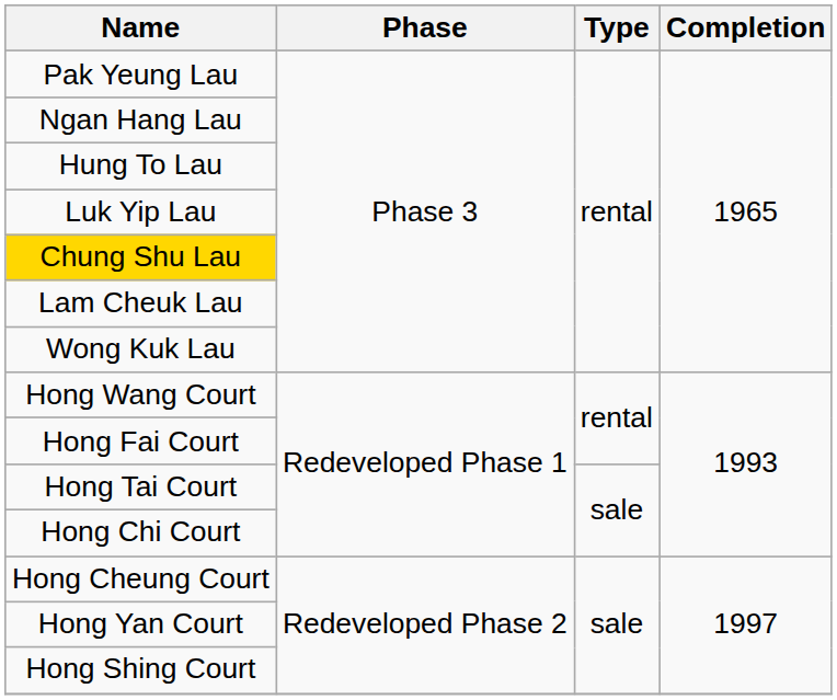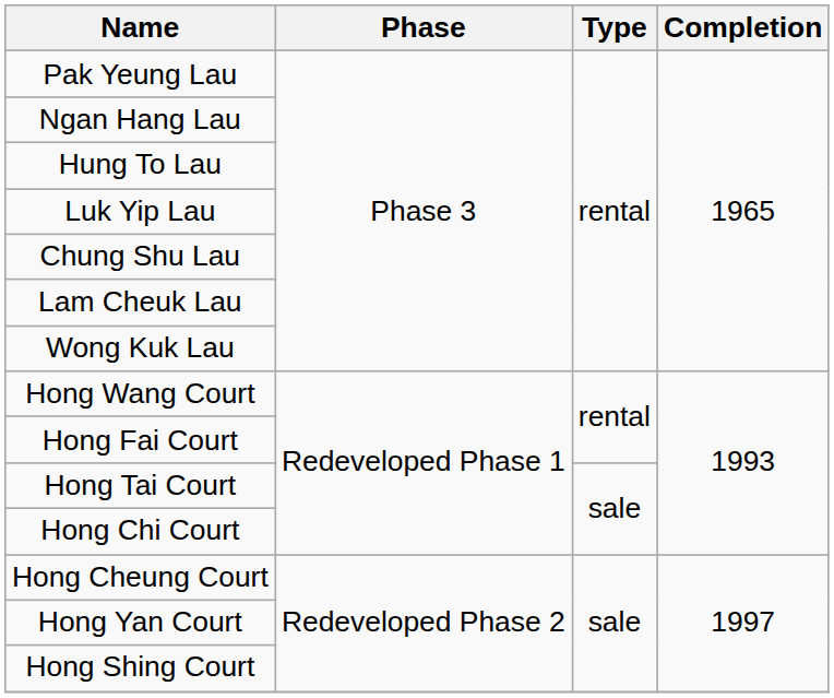 <table class="wikitable" style="text-align: center">
 <tr>
 <th>Name</th>
 <th>Phase</th>
 <th>Type</th>
 <th>Completion</th>
 </tr>
 <tr>
 <td>Pak Yeung Lau</td>
 <td rowspan="7">Phase 3</td>
 <td rowspan="7">rental</td>
 <td rowspan="7">1965</td>
 </tr>
 <tr>
 <td>Ngan Hang Lau</td>
 </tr>
 <tr>
 <td>Hung To Lau</td>
 </tr>
 <tr>
 <td>Luk Yip Lau</td>
 </tr>
 <tr>
-<td style="background: gold;">Chung Shu Lau</td>
+<td>Chung Shu Lau</td>
 </tr>
 <tr>
 <td>Lam Cheuk Lau</td>
 </tr>
 <tr>
 <td>Wong Kuk Lau</td>
 </tr>
 <tr>
 <td>Hong Wang Court</td>
 <td rowspan="4">Redeveloped Phase 1</td>
 <td rowspan="2">rental</td>
 <td rowspan="4">1993</td>
 </tr>
 <tr>
 <td>Hong Fai Court</td>
 </tr>
 <tr>
 <td>Hong Tai Court</td>
 <td rowspan="2">sale</td>
 </tr>
 <tr>
 <td>Hong Chi Court</td>
 </tr>
 <tr>
 <td>Hong Cheung Court</td>
 <td rowspan="3">Redeveloped Phase 2</td>
 <td rowspan="3">sale</td>
 <td rowspan="3">1997</td>
 </tr>
 <tr>
 <td>Hong Yan Court</td>
 </tr>
 <tr>
 <td>Hong Shing Court</td>
 </tr>
 <tr>
 </tr>
 </table>
